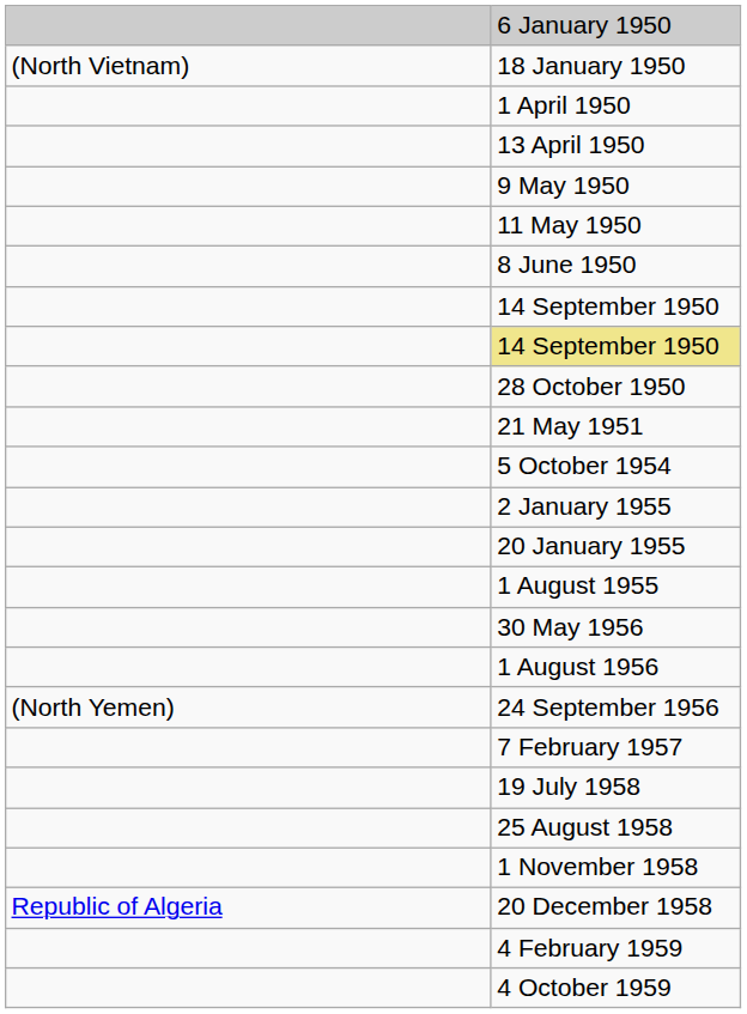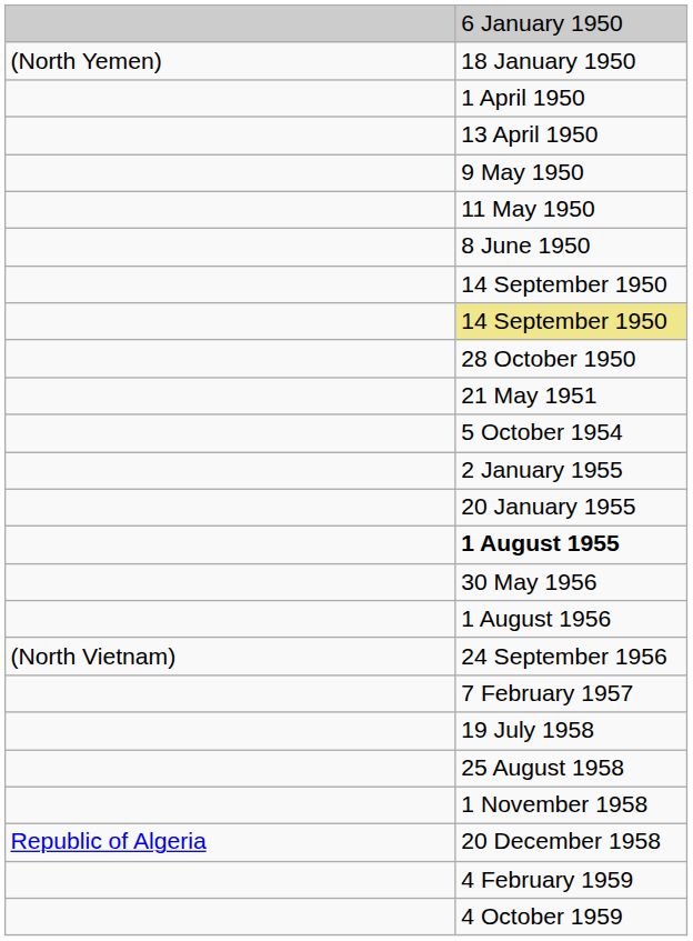 <table class="wikitable" border=1 style="border-collapse: collapse;">
 <tr bgcolor="#cccccc">
 <td width="300"></td>
 <td width="150">6 January 1950</td>
 </tr>
 <tr>
-<td> (North Vietnam)</td>
+<td> (North Yemen)</td>
 <td>18 January 1950</td>
 </tr>
 <tr>
 <td></td>
 <td>1 April 1950</td>
 </tr>
 <tr>
 <td></td>
 <td>13 April 1950</td>
 </tr>
 <tr>
 <td></td>
 <td>9 May 1950</td>
 </tr>
 <tr>
 <td></td>
 <td>11 May 1950</td>
 </tr>
 <tr>
 <td></td>
 <td>8 June 1950</td>
 </tr>
 <tr>
 <td></td>
 <td>14 September 1950</td>
 </tr>
 <tr>
 <td></td>
 <td style="background: khaki;">14 September 1950</td>
 </tr>
 <tr>
 <td></td>
 <td>28 October 1950</td>
 </tr>
 <tr>
 <td></td>
 <td>21 May 1951</td>
 </tr>
 <tr>
 <td></td>
 <td>5 October 1954</td>
 </tr>
 <tr>
 <td></td>
 <td>2 January 1955</td>
 </tr>
 <tr>
 <td></td>
 <td>20 January 1955</td>
 </tr>
 <tr>
 <td></td>
-<td>1 August 1955</td>
+<td><strong>1 August 1955</strong></td>
 </tr>
 <tr>
 <td></td>
 <td>30 May 1956</td>
 </tr>
 <tr>
 <td></td>
 <td>1 August 1956</td>
 </tr>
 <tr>
-<td> (North Yemen)</td>
+<td> (North Vietnam)</td>
 <td>24 September 1956</td>
 </tr>
 <tr>
 <td></td>
 <td>7 February 1957</td>
 </tr>
 <tr>
 <td></td>
 <td>19 July 1958</td>
 </tr>
 <tr>
 <td></td>
 <td>25 August 1958</td>
 </tr>
 <tr>
 <td></td>
 <td>1 November 1958</td>
 </tr>
 <tr>
 <td> <a href='#'>Republic of Algeria</a></td>
 <td>20 December 1958</td>
 </tr>
 <tr>
 <td></td>
 <td>4 February 1959</td>
 </tr>
 <tr>
 <td></td>
 <td>4 October 1959</td>
 </tr>
 </table>
